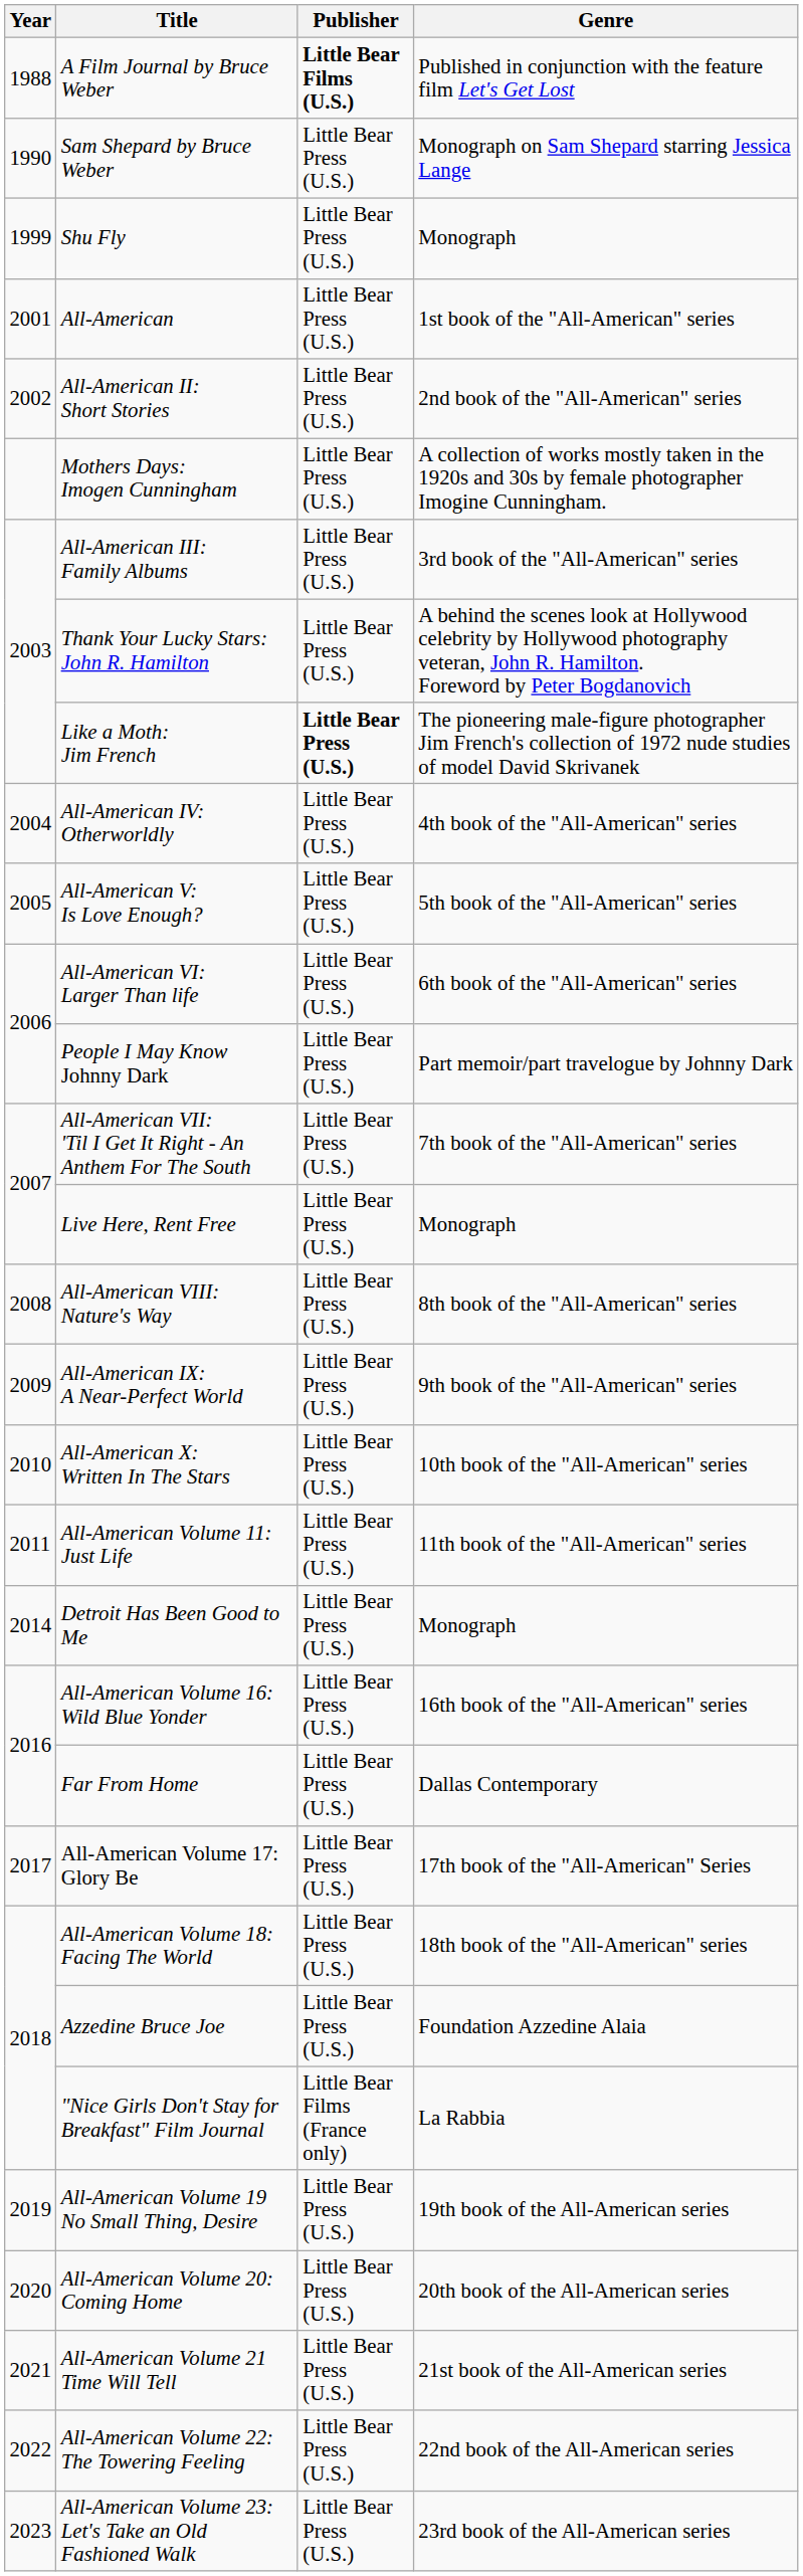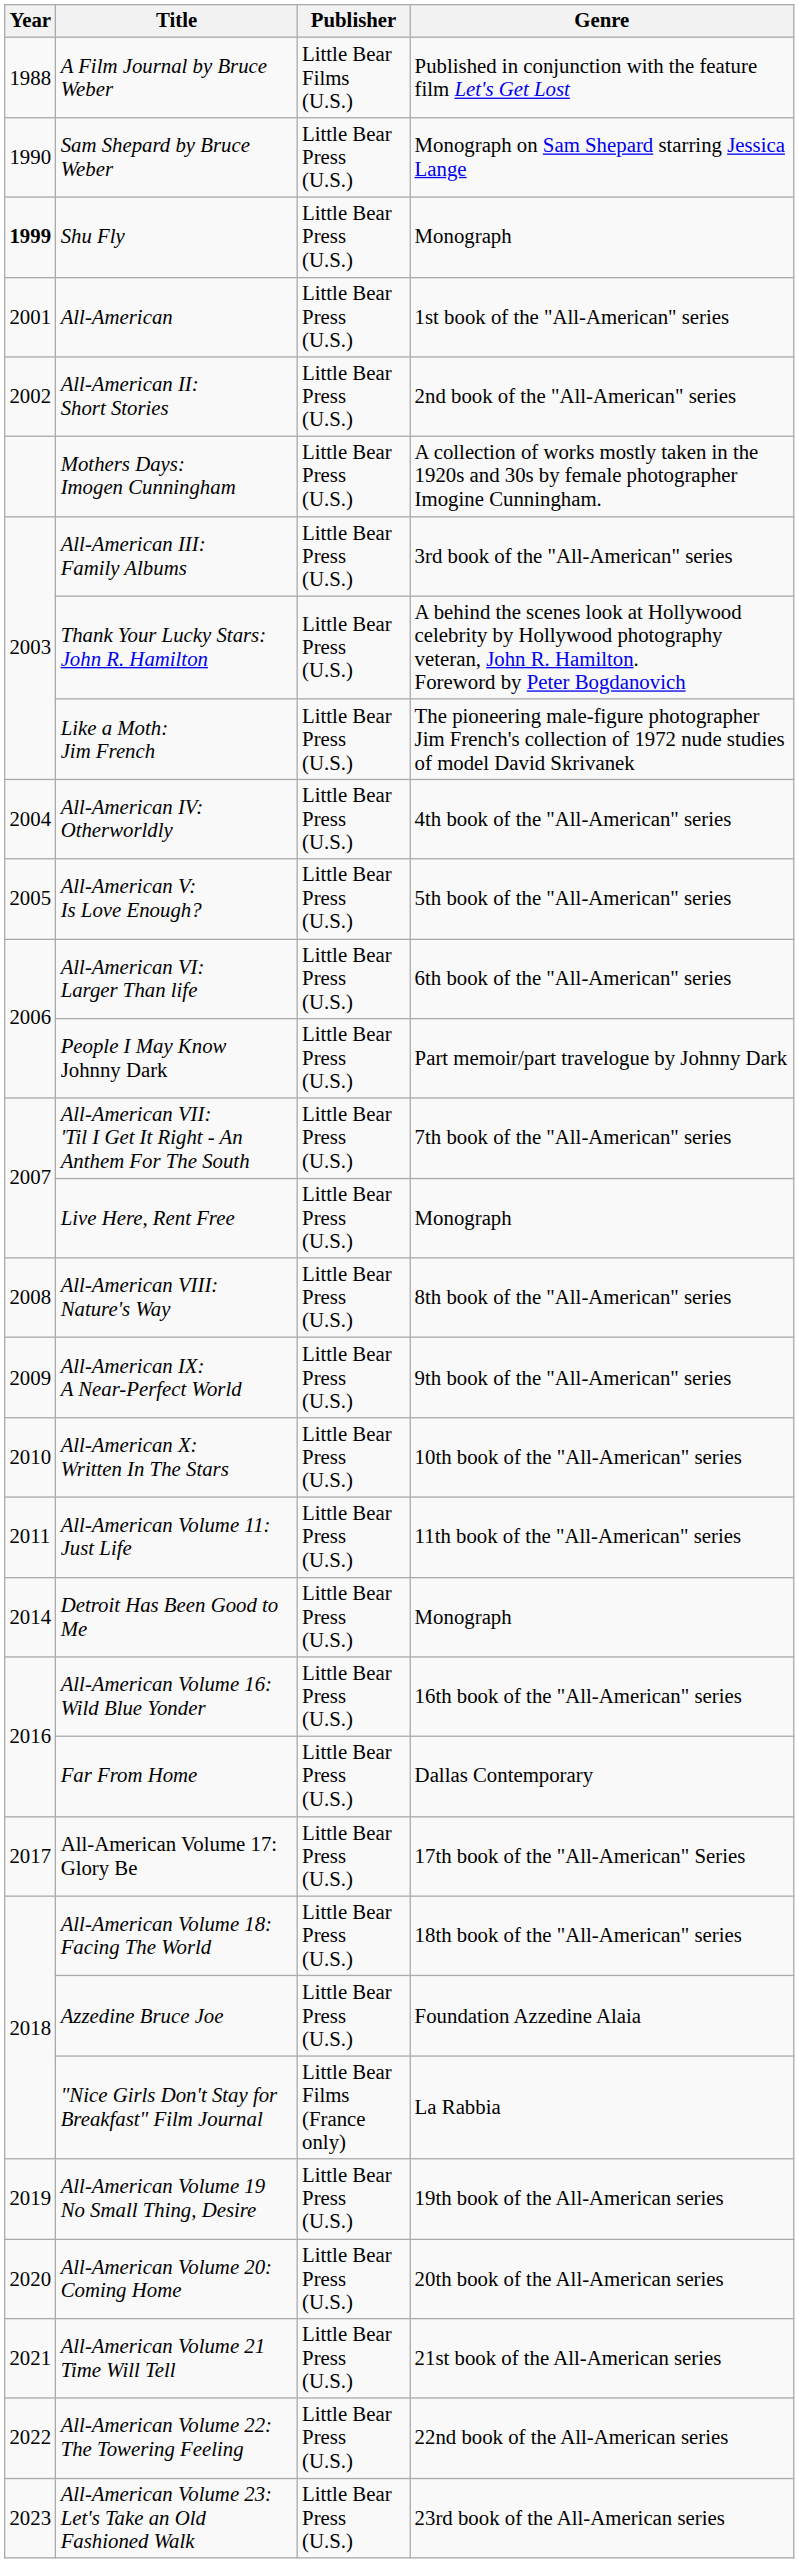 <table class="wikitable">
 <tr>
 <th>Year</th>
 <th>Title</th>
 <th>Publisher</th>
 <th>Genre</th>
 </tr>
 <tr>
 <td>1988</td>
 <td><em>A Film Journal by Bruce Weber</em></td>
-<td><strong>Little Bear Films <br>(U.S.)</strong></td>
+<td>Little Bear Films <br>(U.S.)</td>
 <td>Published in conjunction with the feature film <em><a href='#'>Let's Get Lost</a></em></td>
 </tr>
 <tr>
 <td>1990</td>
 <td><em>Sam Shepard by Bruce Weber</em></td>
 <td>Little Bear Press <br>(U.S.)</td>
 <td>Monograph on <a href='#'>Sam Shepard</a> starring <a href='#'>Jessica Lange</a></td>
 </tr>
 <tr>
-<td>1999</td>
+<td><strong>1999</strong></td>
 <td><em>Shu Fly</em></td>
 <td>Little Bear Press <br>(U.S.)</td>
 <td>Monograph</td>
 </tr>
 <tr>
 <td>2001</td>
 <td><em>All-American</em></td>
 <td>Little Bear Press <br>(U.S.)</td>
 <td>1st book of the "All-American" series</td>
 </tr>
 <tr>
 <td>2002</td>
 <td><em>All-American II:<br>Short Stories</em></td>
 <td>Little Bear Press <br>(U.S.)</td>
 <td>2nd book of the "All-American" series</td>
 </tr>
 <tr>
 <td></td>
 <td><em>Mothers Days:</em><br><em>Imogen Cunningham</em></td>
 <td>Little Bear Press <br>(U.S.)</td>
 <td>A collection of works mostly taken in the 1920s and 30s by female photographer Imogine Cunningham.</td>
 </tr>
 <tr>
 <td rowspan="3">2003</td>
 <td><em>All-American III:<br>Family Albums</em></td>
 <td>Little Bear Press <br>(U.S.)</td>
 <td>3rd book of the "All-American" series</td>
 </tr>
 <tr>
 <td><em>Thank Your Lucky Stars: <br><a href='#'>John R. Hamilton</a></em></td>
 <td>Little Bear Press <br>(U.S.)</td>
 <td>A behind the scenes look at Hollywood celebrity by Hollywood photography veteran, <a href='#'>John R. Hamilton</a>.<br>Foreword by <a href='#'>Peter Bogdanovich</a></td>
 </tr>
 <tr>
 <td><em>Like a Moth:</em><br><em>Jim French</em></td>
-<td><strong>Little Bear Press <br>(U.S.)</strong></td>
+<td>Little Bear Press <br>(U.S.)</td>
 <td>The pioneering male-figure photographer Jim French's collection of 1972 nude studies of model David Skrivanek</td>
 </tr>
 <tr>
 <td>2004</td>
 <td><em>All-American IV:<br>Otherworldly</em></td>
 <td>Little Bear Press <br>(U.S.)</td>
 <td>4th book of the "All-American" series</td>
 </tr>
 <tr>
 <td>2005</td>
 <td><em>All-American V:<br>Is Love Enough?</em></td>
 <td>Little Bear Press <br>(U.S.)</td>
 <td>5th book of the "All-American" series</td>
 </tr>
 <tr>
 <td rowspan="2">2006</td>
 <td><em>All-American VI:<br>Larger Than life</em></td>
 <td>Little Bear Press <br>(U.S.)</td>
 <td>6th book of the "All-American" series</td>
 </tr>
 <tr>
 <td><em>People I May Know</em><br>Johnny Dark</td>
 <td>Little Bear Press <br>(U.S.)</td>
 <td>Part memoir/part travelogue by Johnny Dark</td>
 </tr>
 <tr>
 <td rowspan="2">2007</td>
 <td><em>All-American VII:<br>'Til I Get It Right - An Anthem For The South</em></td>
 <td>Little Bear Press <br>(U.S.)</td>
 <td>7th book of the "All-American" series</td>
 </tr>
 <tr>
 <td><em>Live Here, Rent Free</em></td>
 <td>Little Bear Press <br>(U.S.)</td>
 <td>Monograph</td>
 </tr>
 <tr>
 <td>2008</td>
 <td><em>All-American VIII:<br>Nature's Way</em></td>
 <td>Little Bear Press <br>(U.S.)</td>
 <td>8th book of the "All-American" series</td>
 </tr>
 <tr>
 <td>2009</td>
 <td><em>All-American IX:<br>A Near-Perfect World</em></td>
 <td>Little Bear Press <br>(U.S.)</td>
 <td>9th book of the "All-American" series</td>
 </tr>
 <tr>
 <td>2010</td>
 <td><em>All-American X:<br>Written In The Stars</em></td>
 <td>Little Bear Press <br>(U.S.)</td>
 <td>10th book of the "All-American" series</td>
 </tr>
 <tr>
 <td>2011</td>
 <td><em>All-American Volume 11:<br>Just Life</em></td>
 <td>Little Bear Press <br>(U.S.)</td>
 <td>11th book of the "All-American" series</td>
 </tr>
 <tr>
 <td>2014</td>
 <td><em>Detroit Has Been Good to Me</em></td>
 <td>Little Bear Press <br>(U.S.)</td>
 <td>Monograph</td>
 </tr>
 <tr>
 <td rowspan="2">2016</td>
 <td><em>All-American Volume 16:<br>Wild Blue Yonder</em></td>
 <td>Little Bear Press <br>(U.S.)</td>
 <td>16th book of the "All-American" series</td>
 </tr>
 <tr>
 <td><em>Far From Home</em></td>
 <td>Little Bear Press <br>(U.S.)</td>
 <td>Dallas Contemporary</td>
 </tr>
 <tr>
 <td>2017</td>
 <td>All-American Volume 17: Glory Be</td>
 <td>Little Bear Press <br>(U.S.)</td>
 <td>17th book of the "All-American" Series</td>
 </tr>
 <tr>
 <td rowspan="3">2018</td>
 <td><em>All-American Volume 18:<br>Facing The World</em></td>
 <td>Little Bear Press <br>(U.S.)</td>
 <td>18th book of the "All-American" series</td>
 </tr>
 <tr>
 <td><em>Azzedine Bruce Joe</em></td>
 <td>Little Bear Press <br>(U.S.)</td>
 <td>Foundation Azzedine Alaia</td>
 </tr>
 <tr>
 <td><em>"Nice Girls Don't Stay for Breakfast" Film Journal</em></td>
 <td>Little Bear Films <br>(France only)</td>
 <td>La Rabbia</td>
 </tr>
 <tr>
 <td>2019</td>
 <td><em>All-American Volume 19</em><br><em>No Small Thing, Desire</em></td>
 <td>Little Bear Press <br>(U.S.)</td>
 <td>19th book of the All-American series</td>
 </tr>
 <tr>
 <td>2020</td>
 <td><em>All-American Volume 20: Coming Home</em></td>
 <td>Little Bear Press <br>(U.S.)</td>
 <td>20th book of the All-American series</td>
 </tr>
 <tr>
 <td>2021</td>
 <td><em>All-American Volume 21</em><br><em>Time Will Tell</em></td>
 <td>Little Bear Press <br>(U.S.)</td>
 <td>21st book of the All-American series</td>
 </tr>
 <tr>
 <td>2022</td>
 <td><em>All-American Volume 22: The Towering Feeling</em></td>
 <td>Little Bear Press <br>(U.S.)</td>
 <td>22nd book of the All-American series</td>
 </tr>
 <tr>
 <td>2023</td>
 <td><em>All-American Volume 23: Let's Take an Old Fashioned Walk</em></td>
 <td>Little Bear Press <br>(U.S.)</td>
 <td>23rd book of the All-American series</td>
 </tr>
 </table>
